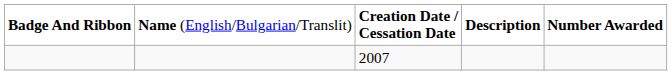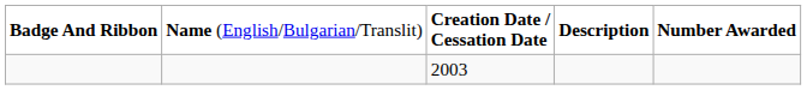 <table class="wikitable">
 <tr bgcolor="#FFFFFF">
 <td><strong>Badge And Ribbon</strong></td>
 <td><strong>Name</strong> (<a href='#'>English</a>/<a href='#'>Bulgarian</a>/Translit)</td>
 <td><strong>Creation Date /<br>Cessation Date</strong></td>
 <td><strong>Description</strong></td>
 <td><strong>Number Awarded</strong></td>
 </tr>
 <tr>
 <td><br></td>
 <td></td>
-<td>2007</td>
+<td>2003</td>
 <td></td>
 <td></td>
 </tr>
 </table>
